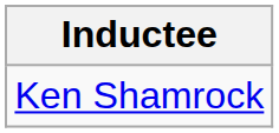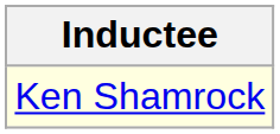 <table class="wikitable">
 <tr>
 <th>Inductee</th>
 </tr>
 <tr>
-<td><a href='#'>Ken Shamrock</a></td>
+<td style="background: lightyellow;"><a href='#'>Ken Shamrock</a></td>
 </tr>
 </table>
